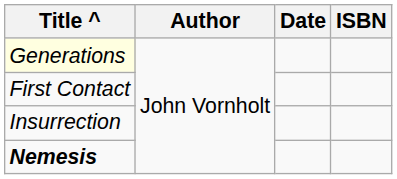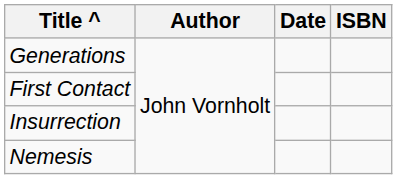 <table class="wikitable">
 <tr>
 <th>Title ^</th>
 <th>Author</th>
 <th>Date</th>
 <th>ISBN</th>
 </tr>
 <tr>
-<td style="background: lightyellow;"><em>Generations</em></td>
+<td><em>Generations</em></td>
 <td rowspan="4">John Vornholt</td>
 <td></td>
 <td></td>
 </tr>
 <tr>
 <td><em>First Contact</em></td>
 <td></td>
 <td></td>
 </tr>
 <tr>
 <td><em>Insurrection</em></td>
 <td></td>
 <td></td>
 </tr>
 <tr>
-<td><strong><em>Nemesis</em></strong></td>
+<td><em>Nemesis</em></td>
 <td></td>
 <td></td>
 </tr>
 </table>
